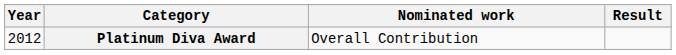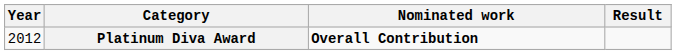 <table class="wikitable sortable plainrowheaders" style="width:100%;">
 <tr>
 <th scope="col" style="width:5%;">Year</th>
 <th scope="col" style="width:40%;">Category</th>
 <th scope="col" style="width:45%;">Nominated work</th>
 <th scope="col" style="width:10%;">Result</th>
 </tr>
 <tr>
 <td>2012</td>
 <th scope="row">Platinum Diva Award</th>
-<td>Overall Contribution</td>
+<td><strong>Overall Contribution</strong></td>
 <td></td>
 </tr>
 </table>
